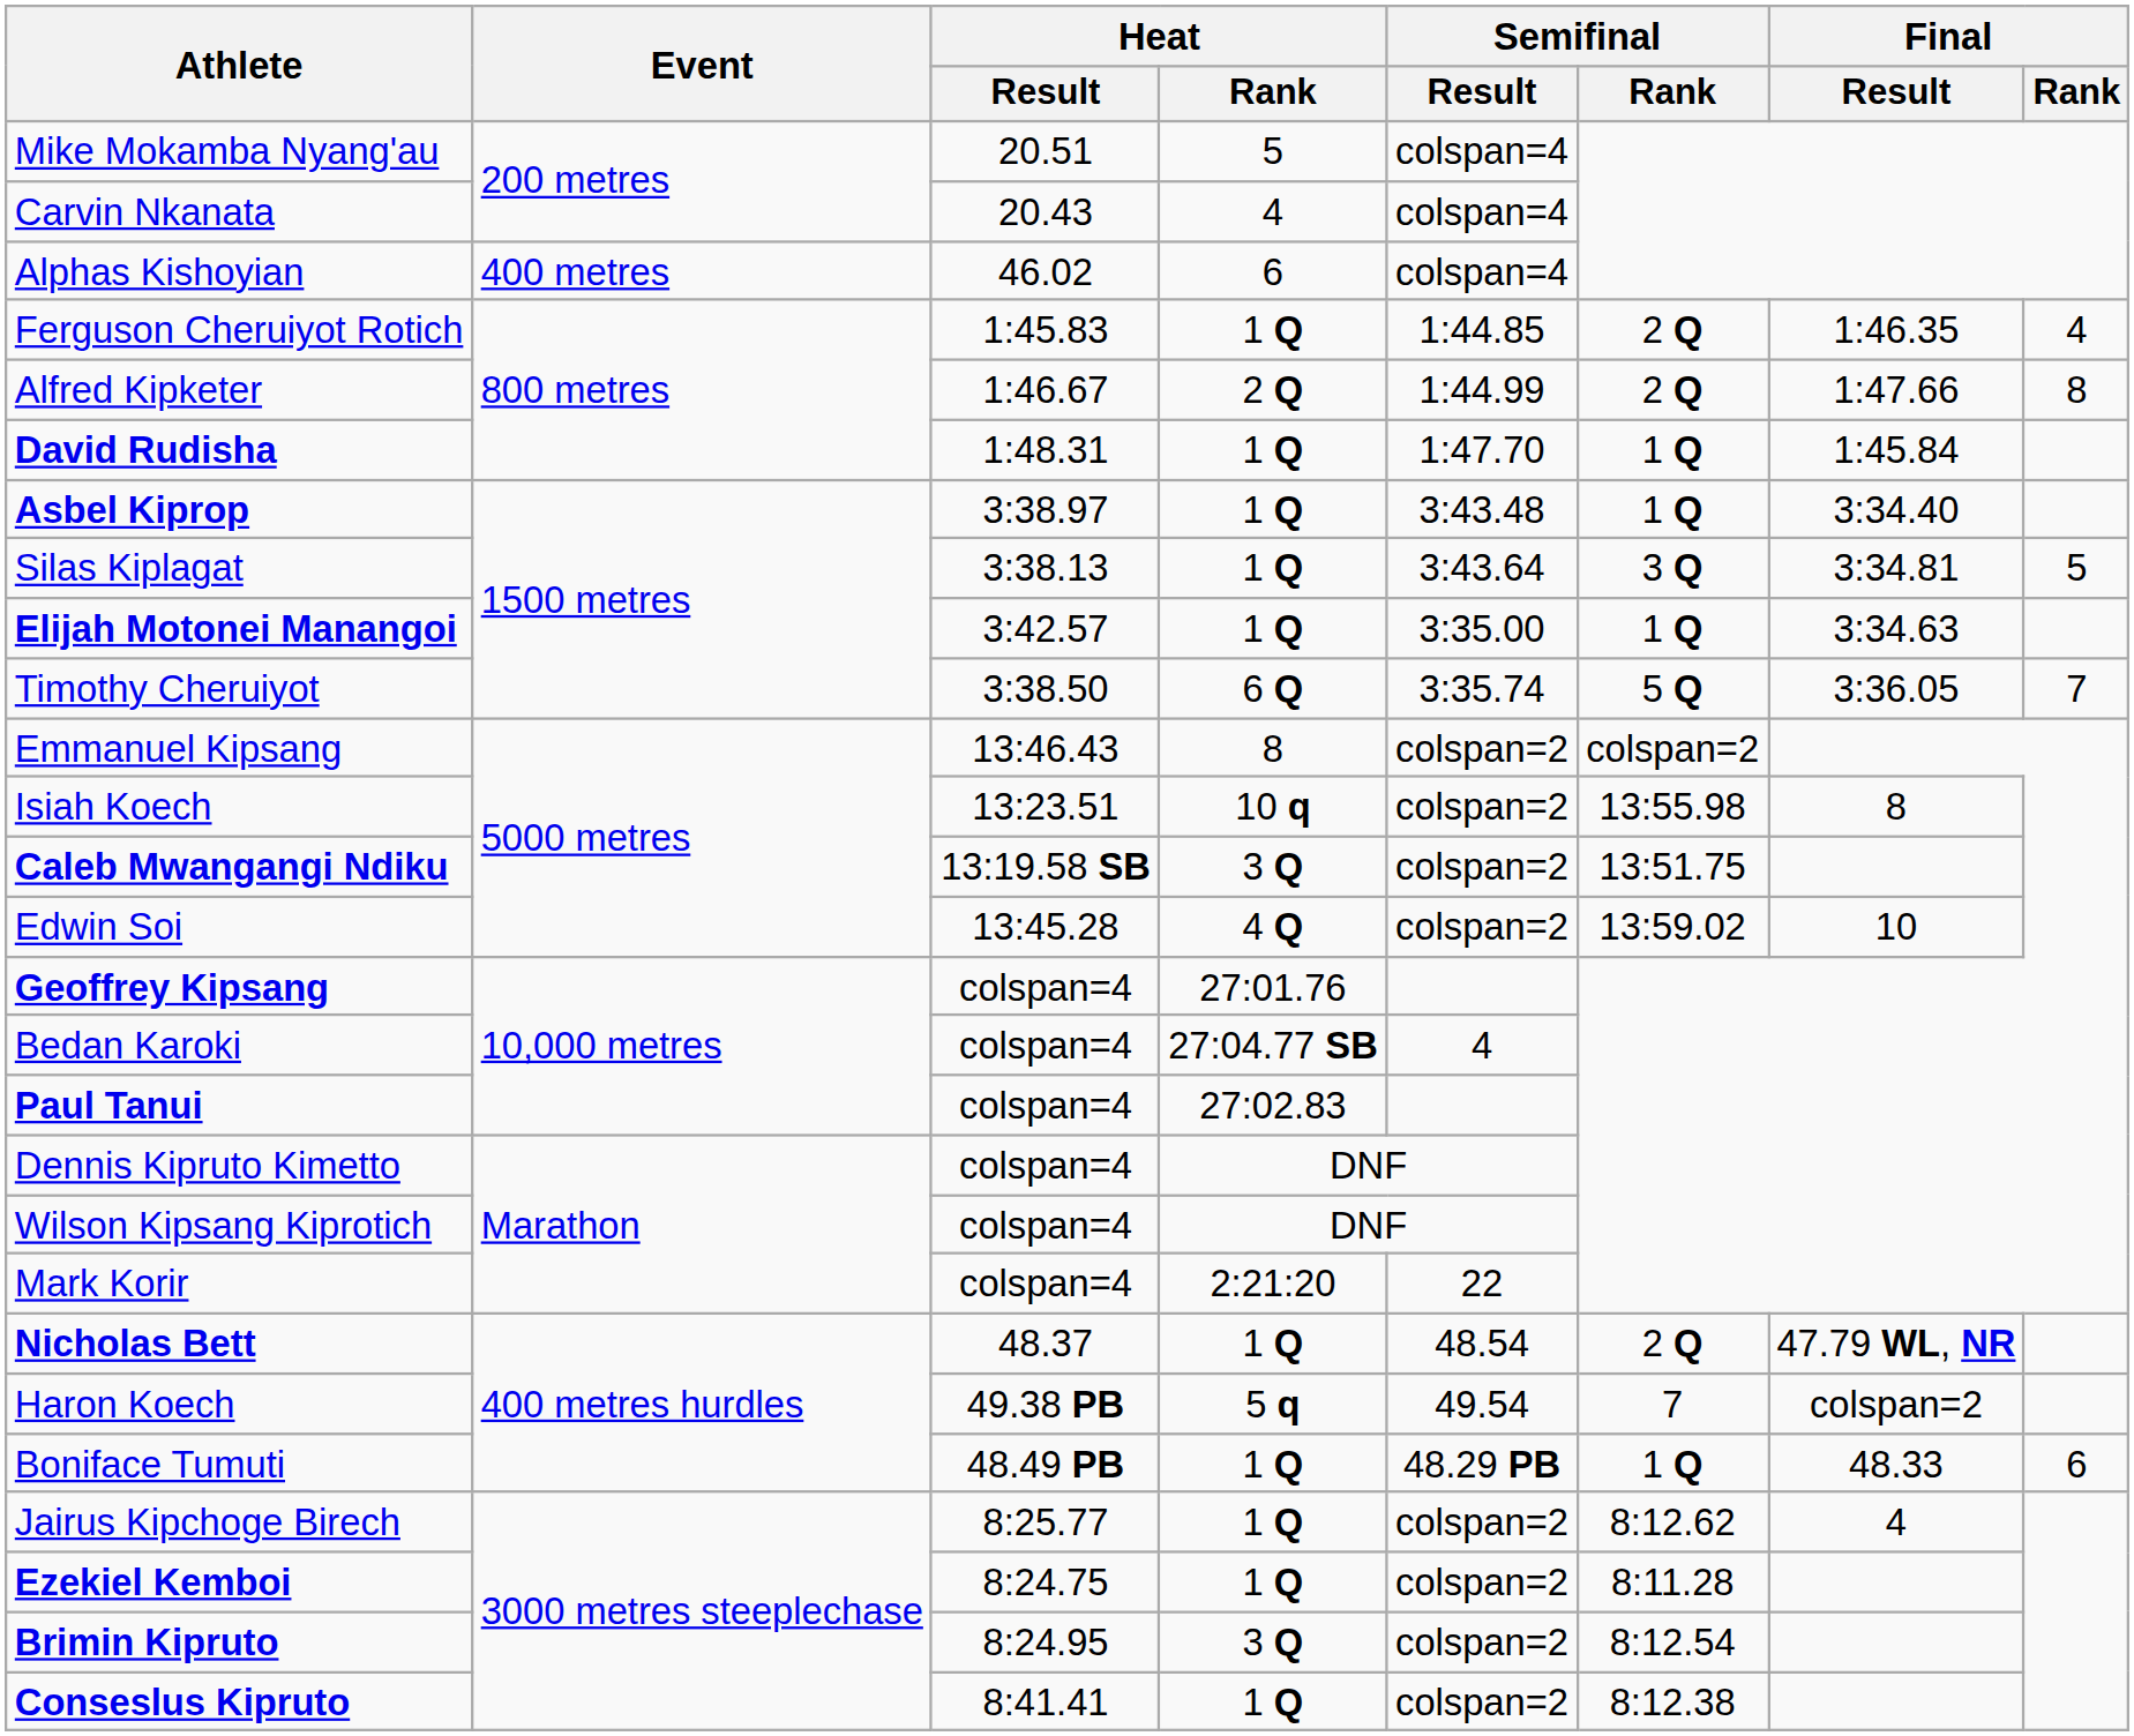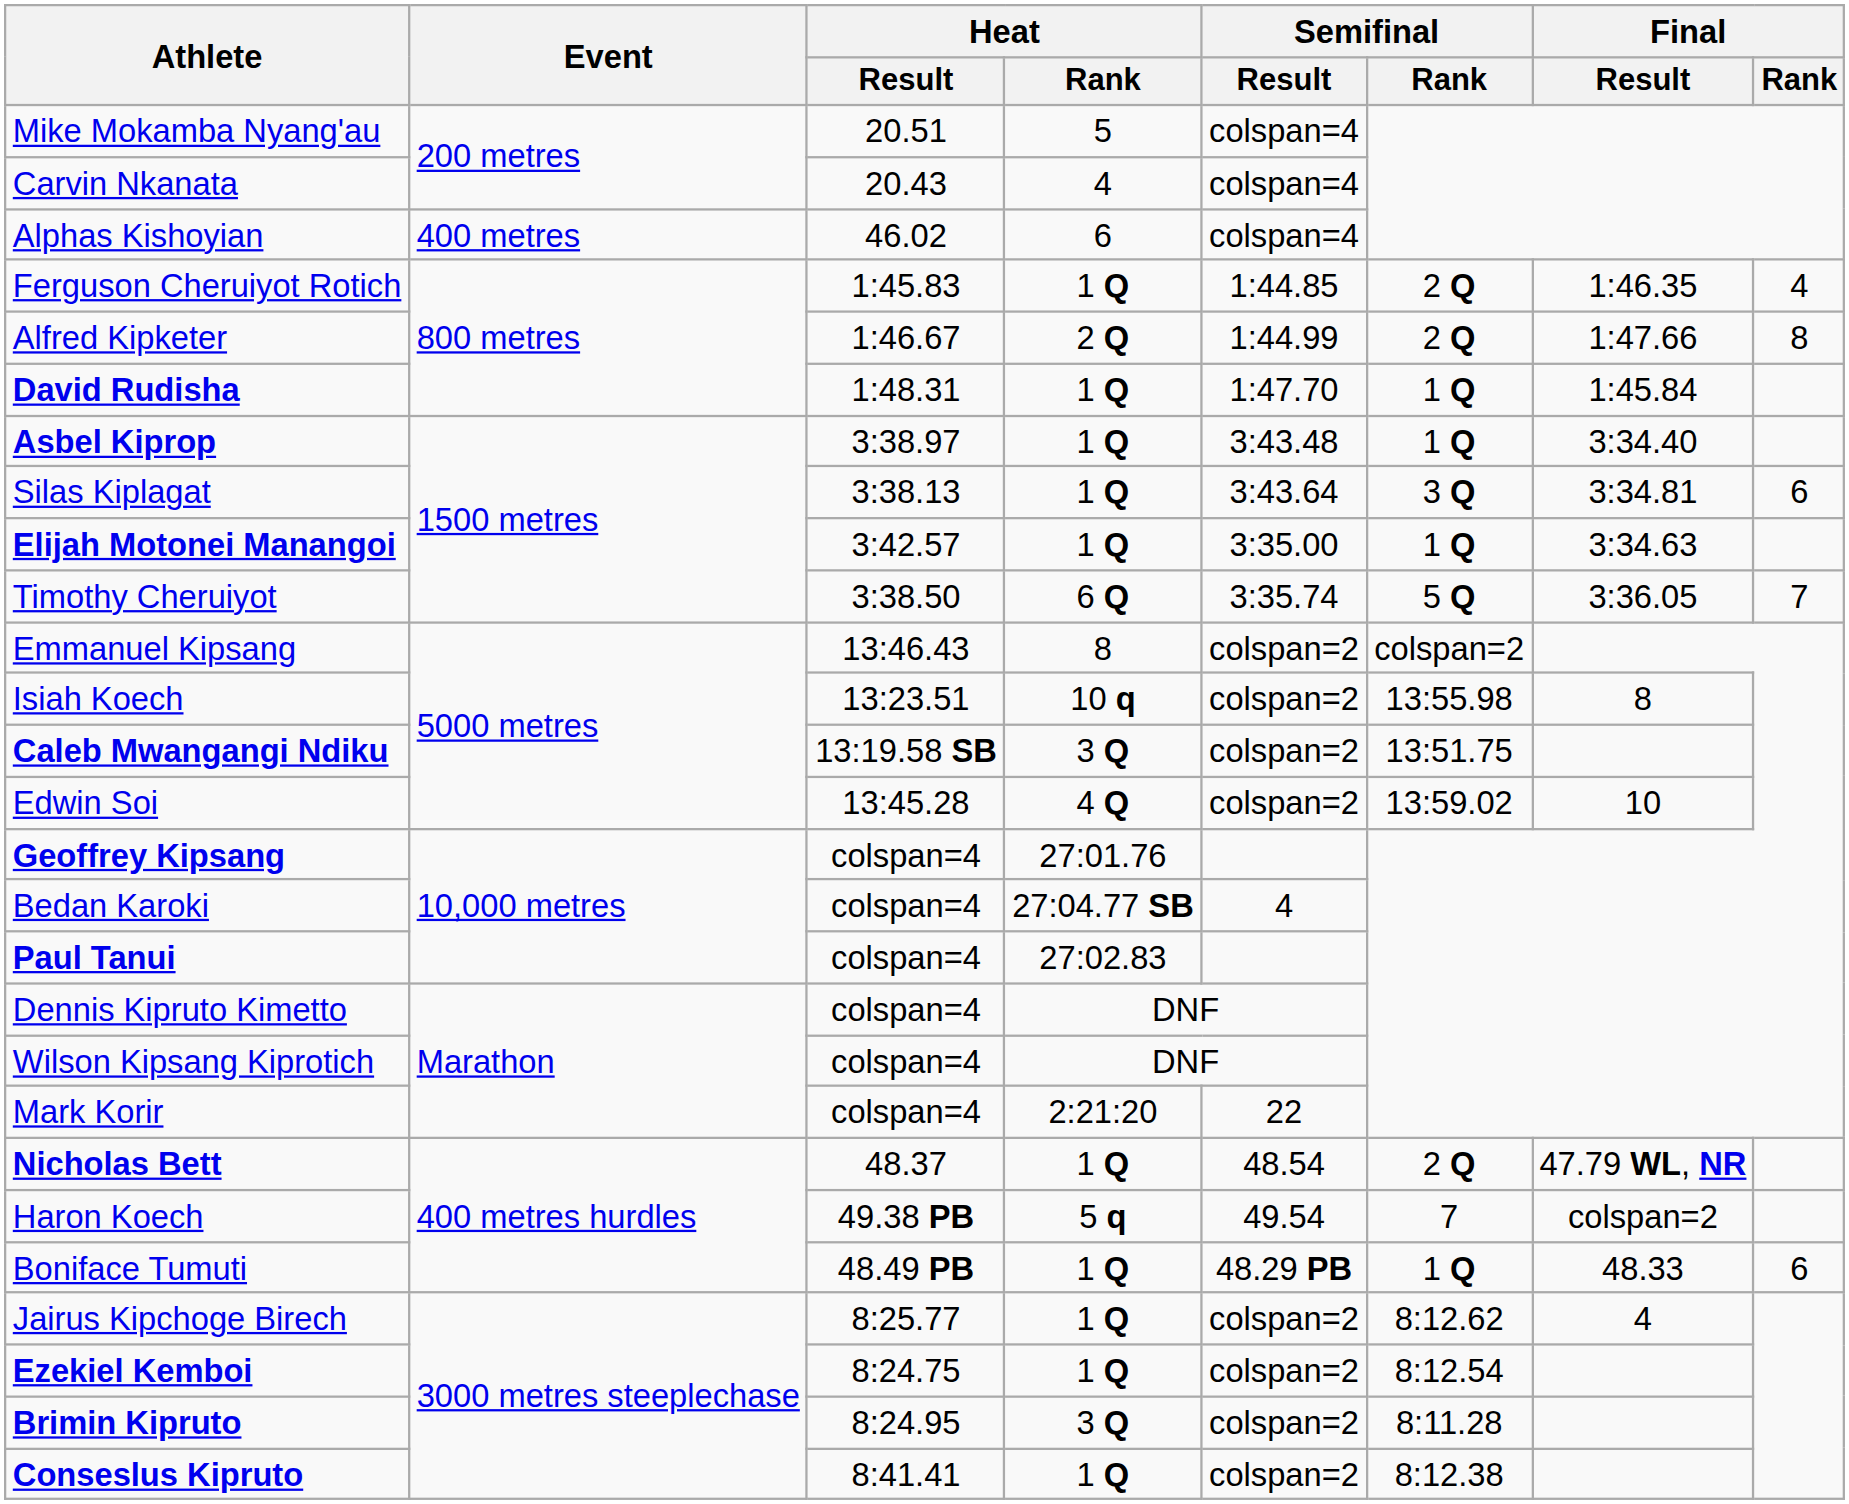 <table class="wikitable" style="font-size:90%">
 <tr>
 <th rowspan="2">Athlete</th>
 <th rowspan="2">Event</th>
 <th colspan="2">Heat</th>
 <th colspan="2">Semifinal</th>
 <th colspan="2">Final</th>
 </tr>
 <tr style="font-size:95%">
 <th>Result</th>
 <th>Rank</th>
 <th>Result</th>
 <th>Rank</th>
 <th>Result</th>
 <th>Rank</th>
 </tr>
 <tr style=text-align:center>
 <td style=text-align:left><a href='#'>Mike Mokamba Nyang'au</a></td>
 <td style=text-align:left rowspan=2><a href='#'>200 metres</a></td>
 <td>20.51</td>
 <td>5</td>
 <td>colspan=4 </td>
 </tr>
 <tr style=text-align:center>
 <td style=text-align:left><a href='#'>Carvin Nkanata</a></td>
 <td>20.43</td>
 <td>4</td>
 <td>colspan=4 </td>
 </tr>
 <tr style=text-align:center>
 <td style=text-align:left><a href='#'>Alphas Kishoyian</a></td>
 <td style=text-align:left><a href='#'>400 metres</a></td>
 <td>46.02</td>
 <td>6</td>
 <td>colspan=4 </td>
 </tr>
 <tr style=text-align:center>
 <td style=text-align:left><a href='#'>Ferguson Cheruiyot Rotich</a></td>
 <td style=text-align:left rowspan=3><a href='#'>800 metres</a></td>
 <td>1:45.83</td>
 <td>1 <strong>Q</strong></td>
 <td>1:44.85</td>
 <td>2 <strong>Q</strong></td>
 <td>1:46.35</td>
 <td>4</td>
 </tr>
 <tr style=text-align:center>
 <td style=text-align:left><a href='#'>Alfred Kipketer</a></td>
 <td>1:46.67</td>
 <td>2 <strong>Q</strong></td>
 <td>1:44.99</td>
 <td>2 <strong>Q</strong></td>
 <td>1:47.66</td>
 <td>8</td>
 </tr>
 <tr style=text-align:center>
 <td style=text-align:left><strong><a href='#'>David Rudisha</a></strong></td>
 <td>1:48.31</td>
 <td>1 <strong>Q</strong></td>
 <td>1:47.70</td>
 <td>1 <strong>Q</strong></td>
 <td>1:45.84</td>
 <td></td>
 </tr>
 <tr style=text-align:center>
 <td style=text-align:left><strong><a href='#'>Asbel Kiprop</a></strong></td>
 <td style=text-align:left rowspan=4><a href='#'>1500 metres</a></td>
 <td>3:38.97</td>
 <td>1 <strong>Q</strong></td>
 <td>3:43.48</td>
 <td>1 <strong>Q</strong></td>
 <td>3:34.40</td>
 <td></td>
 </tr>
 <tr style=text-align:center>
 <td style=text-align:left><a href='#'>Silas Kiplagat</a></td>
 <td>3:38.13</td>
 <td>1 <strong>Q</strong></td>
 <td>3:43.64</td>
 <td>3 <strong>Q</strong></td>
 <td>3:34.81</td>
-<td>5</td>
+<td>6</td>
 </tr>
 <tr style=text-align:center>
 <td style=text-align:left><strong><a href='#'>Elijah Motonei Manangoi</a></strong></td>
 <td>3:42.57</td>
 <td>1 <strong>Q</strong></td>
 <td>3:35.00</td>
 <td>1 <strong>Q</strong></td>
 <td>3:34.63</td>
 <td></td>
 </tr>
 <tr style=text-align:center>
 <td style=text-align:left><a href='#'>Timothy Cheruiyot</a></td>
 <td>3:38.50</td>
 <td>6 <strong>Q</strong></td>
 <td>3:35.74</td>
 <td>5 <strong>Q</strong></td>
 <td>3:36.05</td>
 <td>7</td>
 </tr>
 <tr style=text-align:center>
 <td style=text-align:left><a href='#'>Emmanuel Kipsang</a></td>
 <td style=text-align:left rowspan=4><a href='#'>5000 metres</a></td>
 <td>13:46.43</td>
 <td>8</td>
 <td>colspan=2 </td>
 <td>colspan=2 </td>
 </tr>
 <tr style=text-align:center>
 <td style=text-align:left><a href='#'>Isiah Koech</a></td>
 <td>13:23.51</td>
 <td>10 <strong>q</strong></td>
 <td>colspan=2 </td>
 <td>13:55.98</td>
 <td>8</td>
 </tr>
 <tr style=text-align:center>
 <td style=text-align:left><strong><a href='#'>Caleb Mwangangi Ndiku</a></strong></td>
 <td>13:19.58 <strong>SB</strong></td>
 <td>3 <strong>Q</strong></td>
 <td>colspan=2 </td>
 <td>13:51.75</td>
 <td></td>
 </tr>
 <tr style=text-align:center>
 <td style=text-align:left><a href='#'>Edwin Soi</a></td>
 <td>13:45.28</td>
 <td>4 <strong>Q</strong></td>
 <td>colspan=2 </td>
 <td>13:59.02</td>
 <td>10</td>
 </tr>
 <tr style=text-align:center>
 <td style=text-align:left><strong><a href='#'>Geoffrey Kipsang</a></strong></td>
 <td style=text-align:left rowspan=3><a href='#'>10,000 metres</a></td>
 <td>colspan=4 </td>
 <td>27:01.76</td>
 <td></td>
 </tr>
 <tr style=text-align:center>
 <td style=text-align:left><a href='#'>Bedan Karoki</a></td>
 <td>colspan=4 </td>
 <td>27:04.77 <strong>SB</strong></td>
 <td>4</td>
 </tr>
 <tr style=text-align:center>
 <td style=text-align:left><strong><a href='#'>Paul Tanui</a></strong></td>
 <td>colspan=4 </td>
 <td>27:02.83</td>
 <td></td>
 </tr>
 <tr style=text-align:center>
 <td style=text-align:left><a href='#'>Dennis Kipruto Kimetto</a></td>
 <td style=text-align:left rowspan=3><a href='#'>Marathon</a></td>
 <td>colspan=4 </td>
 <td colspan=2>DNF</td>
 </tr>
 <tr style=text-align:center>
 <td style=text-align:left><a href='#'>Wilson Kipsang Kiprotich</a></td>
 <td>colspan=4 </td>
 <td colspan=2>DNF</td>
 </tr>
 <tr style=text-align:center>
 <td style=text-align:left><a href='#'>Mark Korir</a></td>
 <td>colspan=4 </td>
 <td>2:21:20</td>
 <td>22</td>
 </tr>
 <tr style=text-align:center>
 <td style=text-align:left><strong><a href='#'>Nicholas Bett</a></strong></td>
 <td style=text-align:left rowspan=3><a href='#'>400 metres hurdles</a></td>
 <td>48.37</td>
 <td>1 <strong>Q</strong></td>
 <td>48.54</td>
 <td>2 <strong>Q</strong></td>
 <td>47.79 <strong>WL</strong>, <strong><a href='#'>NR</a></strong></td>
 <td></td>
 </tr>
 <tr style=text-align:center>
 <td style=text-align:left><a href='#'>Haron Koech</a></td>
 <td>49.38 <strong>PB</strong></td>
 <td>5 <strong>q</strong></td>
 <td>49.54</td>
 <td>7</td>
 <td>colspan=2 </td>
 </tr>
 <tr style=text-align:center>
 <td style=text-align:left><a href='#'>Boniface Tumuti</a></td>
 <td>48.49 <strong>PB</strong></td>
 <td>1 <strong>Q</strong></td>
 <td>48.29 <strong>PB</strong></td>
 <td>1 <strong>Q</strong></td>
 <td>48.33</td>
 <td>6</td>
 </tr>
 <tr style=text-align:center>
 <td style=text-align:left><a href='#'>Jairus Kipchoge Birech</a></td>
 <td style=text-align:left rowspan=4><a href='#'>3000 metres steeplechase</a></td>
 <td>8:25.77</td>
 <td>1 <strong>Q</strong></td>
 <td>colspan=2 </td>
 <td>8:12.62</td>
 <td>4</td>
 </tr>
 <tr style=text-align:center>
 <td style=text-align:left><strong><a href='#'>Ezekiel Kemboi</a></strong></td>
 <td>8:24.75</td>
 <td>1 <strong>Q</strong></td>
 <td>colspan=2 </td>
-<td>8:11.28</td>
+<td>8:12.54</td>
 <td></td>
 </tr>
 <tr style=text-align:center>
 <td style=text-align:left><strong><a href='#'>Brimin Kipruto</a></strong></td>
 <td>8:24.95</td>
 <td>3 <strong>Q</strong></td>
 <td>colspan=2 </td>
-<td>8:12.54</td>
+<td>8:11.28</td>
 <td></td>
 </tr>
 <tr style=text-align:center>
 <td style=text-align:left><strong><a href='#'>Conseslus Kipruto</a></strong></td>
 <td>8:41.41</td>
 <td>1 <strong>Q</strong></td>
 <td>colspan=2 </td>
 <td>8:12.38</td>
 <td></td>
 </tr>
 </table>
